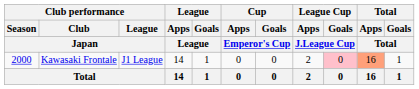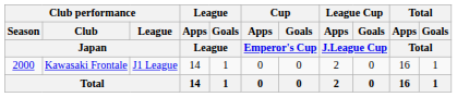 <table class="wikitable" style="text-align:center;">
 <tr>
 <th colspan=3>Club performance</th>
 <th colspan=2>League</th>
 <th colspan=2>Cup</th>
 <th colspan=2>League Cup</th>
 <th colspan=2>Total</th>
 </tr>
 <tr>
 <th>Season</th>
 <th>Club</th>
 <th>League</th>
 <th>Apps</th>
 <th>Goals</th>
 <th>Apps</th>
 <th>Goals</th>
 <th>Apps</th>
 <th>Goals</th>
 <th>Apps</th>
 <th>Goals</th>
 </tr>
 <tr>
 <th colspan=3>Japan</th>
 <th colspan=2>League</th>
 <th colspan=2><a href='#'>Emperor's Cup</a></th>
 <th colspan=2><a href='#'>J.League Cup</a></th>
 <th colspan=2>Total</th>
 </tr>
 <tr>
 <td><a href='#'>2000</a></td>
 <td><a href='#'>Kawasaki Frontale</a></td>
 <td><a href='#'>J1 League</a></td>
 <td>14</td>
 <td>1</td>
 <td>0</td>
 <td>0</td>
 <td>2</td>
-<td style="background: pink;">0</td>
-<td style="background: lightsalmon;">16</td>
+<td>0</td>
+<td>16</td>
 <td>1</td>
 </tr>
 <tr>
 <th colspan=3>Total</th>
 <th>14</th>
 <th>1</th>
 <th>0</th>
 <th>0</th>
 <th>2</th>
 <th>0</th>
 <th>16</th>
 <th>1</th>
 </tr>
 </table>
